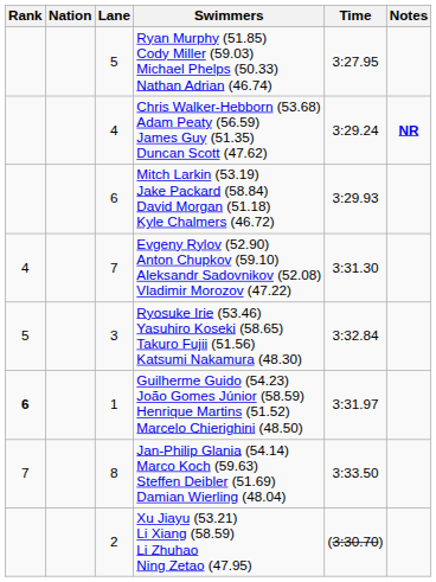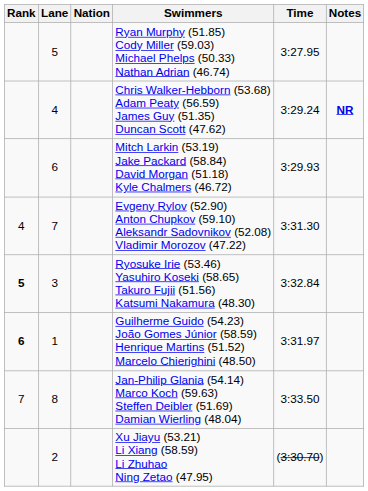 <table class="wikitable sortable" style="text-align:center">
 <tr>
 <th>Rank</th>
+<th>Lane</th>
 <th>Nation</th>
-<th>Lane</th>
 <th>Swimmers</th>
 <th>Time</th>
 <th>Notes</th>
 </tr>
 <tr>
 <td></td>
+<td>5</td>
 <td align=left></td>
-<td>5</td>
 <td align=left><a href='#'>Ryan Murphy</a> (51.85) <br><a href='#'>Cody Miller</a> (59.03)<br><a href='#'>Michael Phelps</a> (50.33)<br><a href='#'>Nathan Adrian</a> (46.74)</td>
 <td>3:27.95</td>
 <td></td>
 </tr>
 <tr>
 <td></td>
+<td>4</td>
 <td align=left></td>
-<td>4</td>
 <td align=left><a href='#'>Chris Walker-Hebborn</a> (53.68)<br><a href='#'>Adam Peaty</a> (56.59)<br><a href='#'>James Guy</a> (51.35)<br><a href='#'>Duncan Scott</a> (47.62)</td>
 <td>3:29.24</td>
 <td><strong><a href='#'>NR</a></strong></td>
 </tr>
 <tr>
 <td></td>
+<td>6</td>
 <td align=left></td>
-<td>6</td>
 <td align=left><a href='#'>Mitch Larkin</a> (53.19)<br><a href='#'>Jake Packard</a> (58.84)<br><a href='#'>David Morgan</a> (51.18)<br><a href='#'>Kyle Chalmers</a> (46.72)</td>
 <td>3:29.93</td>
 <td></td>
 </tr>
 <tr>
 <td>4</td>
+<td>7</td>
 <td align=left></td>
-<td>7</td>
 <td align=left><a href='#'>Evgeny Rylov</a> (52.90)<br><a href='#'>Anton Chupkov</a> (59.10)<br><a href='#'>Aleksandr Sadovnikov</a> (52.08)<br><a href='#'>Vladimir Morozov</a> (47.22)</td>
 <td>3:31.30</td>
 <td></td>
 </tr>
 <tr>
-<td>5</td>
+<td><strong>5</strong></td>
+<td>3</td>
 <td align=left></td>
-<td>3</td>
 <td align=left><a href='#'>Ryosuke Irie</a> (53.46)<br><a href='#'>Yasuhiro Koseki</a> (58.65)<br><a href='#'>Takuro Fujii</a> (51.56)<br><a href='#'>Katsumi Nakamura</a> (48.30)</td>
 <td>3:32.84</td>
 <td></td>
 </tr>
 <tr>
 <td><strong>6</strong></td>
+<td>1</td>
 <td align=left></td>
-<td>1</td>
 <td align=left><a href='#'>Guilherme Guido</a> (54.23)<br><a href='#'>João Gomes Júnior</a> (58.59)<br><a href='#'>Henrique Martins</a> (51.52)<br><a href='#'>Marcelo Chierighini</a> (48.50)</td>
 <td>3:31.97</td>
 <td></td>
 </tr>
 <tr>
 <td>7</td>
+<td>8</td>
 <td align=left></td>
-<td>8</td>
 <td align=left><a href='#'>Jan-Philip Glania</a> (54.14)<br><a href='#'>Marco Koch</a> (59.63)<br><a href='#'>Steffen Deibler</a> (51.69)<br><a href='#'>Damian Wierling</a> (48.04)</td>
 <td>3:33.50</td>
 <td></td>
 </tr>
 <tr>
 <td></td>
+<td>2</td>
 <td align=left></td>
-<td>2</td>
 <td align=left><a href='#'>Xu Jiayu</a> (53.21)<br><a href='#'>Li Xiang</a> (58.59)<br><a href='#'>Li Zhuhao</a><br><a href='#'>Ning Zetao</a> (47.95)</td>
 <td> (<s>3:30.70</s>)</td>
 <td></td>
 </tr>
 </table>
